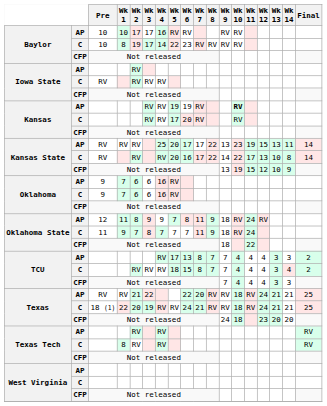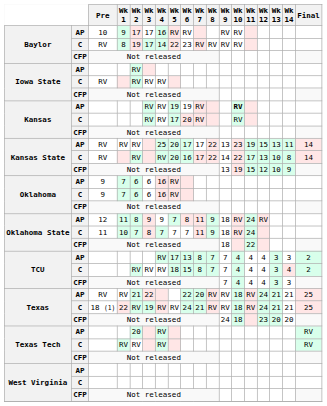 <table class="wikitable" style="white-space:nowrap;font-size:85%;">
 <tr>
 <th colspan=2 style="background:white; border-top-style:hidden; border-left-style:hidden;"> </th>
 <th>Pre</th>
 <th>Wk<br>1</th>
 <th>Wk<br>2</th>
 <th>Wk<br>3</th>
 <th>Wk<br>4</th>
 <th>Wk<br>5</th>
 <th>Wk<br>6</th>
 <th>Wk<br>7</th>
 <th>Wk<br>8</th>
 <th>Wk<br>9</th>
 <th>Wk<br>10</th>
 <th>Wk<br>11</th>
 <th>Wk<br>12</th>
 <th>Wk<br>13</th>
 <th>Wk<br>14</th>
 <th>Final</th>
 </tr>
 <tr style="text-align:center;">
 <th rowspan="3">Baylor</th>
 <th>AP</th>
 <td style="background:#FFF;">10</td>
-<td style="background:#d8ffeb;">10</td>
+<td style="background:#d8ffeb;">9</td>
 <td style="background:#ffe6e6;">17</td>
 <td style="background:#FFF;">17</td>
 <td style="background:#d8ffeb;">16</td>
 <td style="background:#ffe6e6;">RV</td>
 <td style="background:#FFF;">RV</td>
 <td style="background:#ffe6e6;"></td>
 <td style="background:#FFF;"></td>
 <td style="background:#FFF;">RV</td>
 <td style="background:#FFF;">RV</td>
 <td style="background:#ffe6e6;"></td>
 <td style="background:#FFF;"></td>
 <td style="background:#FFF;"></td>
 <td style="background:#FFF;"></td>
 <td style="background:#FFF;"></td>
 </tr>
 <tr style="text-align:center;">
 <th>C</th>
-<td style="background:#FFF;">10</td>
+<td style="background:#FFF;">RV</td>
 <td style="background:#d8ffeb;">8</td>
 <td style="background:#ffe6e6;">19</td>
 <td style="background:#d8ffeb;">17</td>
 <td style="background:#d8ffeb;">14</td>
 <td style="background:#ffe6e6;">22</td>
 <td style="background:#FFF;">23</td>
 <td style="background:#ffe6e6;">RV</td>
 <td style="background:#FFF;">RV</td>
 <td style="background:#FFF;">RV</td>
 <td style="background:#FFF;">RV</td>
 <td style="background:#ffe6e6;"></td>
 <td style="background:#FFF;"></td>
 <td style="background:#FFF;"></td>
 <td style="background:#FFF;"></td>
 <td style="background:#FFF;"></td>
 </tr>
 <tr style="text-align:center;">
 <th>CFP</th>
 <td colspan="9" style="text-align:center;">Not released</td>
 <td style="background:#FFF;"></td>
 <td style="background:#FFF;"></td>
 <td style="background:#FFF;"></td>
 <td style="background:#FFF;"></td>
 <td style="background:#FFF;"></td>
 <td style="background:#FFF;"></td>
 <td style="text-align:center;"></td>
 </tr>
 <tr style="text-align:center;">
 <th rowspan="3">Iowa State</th>
 <th>AP</th>
 <td style="background:#FFF;"></td>
 <td style="background:#FFF;"></td>
 <td style="background:#d8ffeb;">RV</td>
 <td style="background:#ffe6e6;"></td>
 <td style="background:#FFF;"></td>
 <td style="background:#FFF;"></td>
 <td style="background:#FFF;"></td>
 <td style="background:#FFF;"></td>
 <td style="background:#FFF;"></td>
 <td style="background:#FFF;"></td>
 <td style="background:#FFF;"></td>
 <td style="background:#FFF;"></td>
 <td style="background:#FFF;"></td>
 <td style="background:#FFF;"></td>
 <td style="background:#FFF;"></td>
 <td style="background:#FFF;"></td>
 </tr>
 <tr style="text-align:center;">
 <th>C</th>
 <td style="background:#FFF;">RV</td>
 <td style="background:#ffe6e6;"></td>
 <td style="background:#d8ffeb;">RV</td>
 <td style="background:#FFF;">RV</td>
 <td style="background:#FFF;">RV</td>
 <td style="background:#ffe6e6;"></td>
 <td style="background:#FFF;"></td>
 <td style="background:#FFF;"></td>
 <td style="background:#FFF;"></td>
 <td style="background:#FFF;"></td>
 <td style="background:#FFF;"></td>
 <td style="background:#FFF;"></td>
 <td style="background:#FFF;"></td>
 <td style="background:#FFF;"></td>
 <td style="background:#FFF;"></td>
 <td style="background:#FFF;"></td>
 </tr>
 <tr style="text-align:center;">
 <th>CFP</th>
 <td colspan="9" style="text-align:center;">Not released</td>
 <td style="background:#FFF;"></td>
 <td style="background:#FFF;"></td>
 <td style="background:#FFF;"></td>
 <td style="background:#FFF;"></td>
 <td style="background:#FFF;"></td>
 <td style="background:#FFF;"></td>
 <td style="text-align:center;"></td>
 </tr>
 <tr style="text-align:center;">
 <th rowspan="3">Kansas</th>
 <th>AP</th>
 <td style="background:#FFF;"></td>
 <td style="background:#FFF;"></td>
 <td style="background:#FFF;"></td>
 <td style="background:#d8ffeb;">RV</td>
 <td style="background:#FFF;">RV</td>
 <td style="background:#d8ffeb;">19</td>
 <td style="background:#FFF;">19</td>
 <td style="background:#ffe6e6;">RV</td>
 <td style="background:#ffe6e6;"></td>
 <td style="background:#FFF;"></td>
 <td style="background:#d8ffeb;"><strong>RV</strong></td>
 <td style="background:#ffe6e6;"></td>
 <td style="background:#FFF;"></td>
 <td style="background:#FFF;"></td>
 <td style="background:#FFF;"></td>
 <td style="background:#FFF;"></td>
 </tr>
 <tr style="text-align:center;">
 <th>C</th>
 <td style="background:#FFF;"></td>
 <td style="background:#FFF;"></td>
 <td style="background:#FFF;"></td>
 <td style="background:#d8ffeb;">RV</td>
 <td style="background:#FFF;">RV</td>
 <td style="background:#d8ffeb;">17</td>
 <td style="background:#ffe6e6;">20</td>
 <td style="background:#ffe6e6;">RV</td>
 <td style="background:#ffe6e6;"></td>
 <td style="background:#FFF;"></td>
 <td style="background:#d8ffeb;">RV</td>
 <td style="background:#ffe6e6;"></td>
 <td style="background:#FFF;"></td>
 <td style="background:#FFF;"></td>
 <td style="background:#FFF;"></td>
 <td style="background:#FFF;"></td>
 </tr>
 <tr style="text-align:center;">
 <th>CFP</th>
 <td colspan="9" style="text-align:center;">Not released</td>
 <td style="background:#FFF;"></td>
 <td style="background:#FFF;"></td>
 <td style="background:#FFF;"></td>
 <td style="background:#FFF;"></td>
 <td style="background:#FFF;"></td>
 <td style="background:#FFF;"></td>
 <td style="text-align:center;"></td>
 </tr>
 <tr style="text-align:center;">
 <th rowspan="3">Kansas State</th>
 <th>AP</th>
 <td style="background:#FFF;">RV</td>
 <td style="background:#FFF;">RV</td>
 <td style="background:#FFF;">RV</td>
 <td style="background:#ffe6e6;"></td>
 <td style="background:#d8ffeb;">25</td>
 <td style="background:#d8ffeb;">20</td>
 <td style="background:#d8ffeb;">17</td>
 <td style="background:#FFF;">17</td>
 <td style="background:#ffe6e6;">22</td>
 <td style="background:#FFF;">13</td>
 <td style="background:#ffe6e6;">23</td>
 <td style="background:#d8ffeb;">19</td>
 <td style="background:#d8ffeb;">15</td>
 <td style="background:#d8ffeb;">13</td>
 <td style="background:#d8ffeb;">11</td>
 <td style="background:#ffe6e6;">14</td>
 </tr>
 <tr style="text-align:center;">
 <th>C</th>
 <td style="background:#FFF;">RV</td>
 <td style="background:#ffe6e6;"></td>
 <td style="background:#d8ffeb;">RV</td>
 <td style="background:#ffe6e6;"></td>
 <td style="background:#d8ffeb;">RV</td>
 <td style="background:#d8ffeb;">20</td>
 <td style="background:#d8ffeb;">16</td>
 <td style="background:#ffe6e6;">17</td>
 <td style="background:#ffe6e6;">22</td>
 <td style="background:#FFF;">14</td>
 <td style="background:#ffe6e6;">22</td>
 <td style="background:#d8ffeb;">17</td>
 <td style="background:#d8ffeb;">13</td>
 <td style="background:#d8ffeb;">10</td>
 <td style="background:#d8ffeb;">8</td>
 <td style="background:#ffe6e6;">14</td>
 </tr>
 <tr style="text-align:center;">
 <th>CFP</th>
 <td colspan="9" style="text-align:center;">Not released</td>
 <td style="background:#FFF;">13</td>
 <td style="background:#ffe6e6;">19</td>
 <td style="background:#d8ffeb;">15</td>
 <td style="background:#d8ffeb;">12</td>
 <td style="background:#d8ffeb;">10</td>
 <td style="background:#d8ffeb;">9</td>
 <td style="text-align:center;"></td>
 </tr>
 <tr style="text-align:center;">
 <th rowspan="3">Oklahoma</th>
 <th>AP</th>
 <td style="background:#FFF;">9</td>
 <td style="background:#d8ffeb;">7</td>
 <td style="background:#d8ffeb;">6</td>
 <td style="background:#FFF;">6</td>
 <td style="background:#ffe6e6;">16</td>
 <td style="background:#ffe6e6;">RV</td>
 <td style="background:#ffe6e6;"></td>
 <td style="background:#FFF;"></td>
 <td style="background:#FFF;"></td>
 <td style="background:#FFF;"></td>
 <td style="background:#FFF;"></td>
 <td style="background:#FFF;"></td>
 <td style="background:#FFF;"></td>
 <td style="background:#FFF;"></td>
 <td style="background:#FFF;"></td>
 <td style="background:#FFF;"></td>
 </tr>
 <tr style="text-align:center;">
 <th>C</th>
 <td style="background:#FFF;">9</td>
 <td style="background:#d8ffeb;">7</td>
 <td style="background:#d8ffeb;">6</td>
 <td style="background:#FFF;">6</td>
 <td style="background:#ffe6e6;">16</td>
 <td style="background:#ffe6e6;">RV</td>
 <td style="background:#ffe6e6;"></td>
 <td style="background:#FFF;"></td>
 <td style="background:#FFF;"></td>
 <td style="background:#FFF;"></td>
 <td style="background:#FFF;"></td>
 <td style="background:#FFF;"></td>
 <td style="background:#FFF;"></td>
 <td style="background:#FFF;"></td>
 <td style="background:#FFF;"></td>
 <td style="background:#FFF;"></td>
 </tr>
 <tr style="text-align:center;">
 <th>CFP</th>
 <td colspan="9" style="text-align:center;">Not released</td>
 <td style="background:#FFF;"></td>
 <td style="background:#FFF;"></td>
 <td style="background:#FFF;"></td>
 <td style="background:#FFF;"></td>
 <td style="background:#FFF;"></td>
 <td style="background:#FFF;"></td>
 <td style="text-align:center;"></td>
 </tr>
 <tr style="text-align:center;">
 <th rowspan="3">Oklahoma State</th>
 <th>AP</th>
 <td style="background:#FFF;">12</td>
 <td style="background:#d8ffeb;">11</td>
 <td style="background:#d8ffeb;">8</td>
 <td style="background:#ffe6e6;">9</td>
 <td style="background:#FFF;">9</td>
 <td style="background:#d8ffeb;">7</td>
 <td style="background:#ffe6e6;">8</td>
 <td style="background:#ffe6e6;">11</td>
 <td style="background:#d8ffeb;">9</td>
 <td style="background:#FFF;">18</td>
 <td style="background:#ffe6e6;">RV</td>
 <td style="background:#d8ffeb;">24</td>
 <td style="background:#ffe6e6;">RV</td>
 <td style="background:#FFF;"></td>
 <td style="background:#FFF;"></td>
 <td style="background:#FFF;"></td>
 </tr>
 <tr style="text-align:center;">
 <th>C</th>
 <td style="background:#FFF;">11</td>
-<td style="background:#d8ffeb;">9</td>
+<td style="background:#d8ffeb;">10</td>
 <td style="background:#d8ffeb;">7</td>
 <td style="background:#ffe6e6;">8</td>
 <td style="background:#d8ffeb;">7</td>
 <td style="background:#FFF;">7</td>
 <td style="background:#FFF;">7</td>
 <td style="background:#ffe6e6;">11</td>
 <td style="background:#d8ffeb;">9</td>
 <td style="background:#FFF;">18</td>
 <td style="background:#ffe6e6;">RV</td>
 <td style="background:#d8ffeb;">24</td>
 <td style="background:#ffe6e6;"></td>
 <td style="background:#FFF;"></td>
 <td style="background:#FFF;"></td>
 <td style="background:#FFF;"></td>
 </tr>
 <tr style="text-align:center;">
 <th>CFP</th>
 <td colspan="9" style="text-align:center;">Not released</td>
 <td style="background:#FFF;">18</td>
 <td style="background:#ffe6e6;"></td>
 <td style="background:#d8ffeb;">22</td>
 <td style="background:#ffe6e6;"></td>
 <td style="background:#FFF;"></td>
 <td style="background:#FFF;"></td>
 <td style="text-align:center;"></td>
 </tr>
 <tr style="text-align:center;">
 <th rowspan="3">TCU</th>
 <th>AP</th>
 <td style="background:#FFF;"></td>
 <td style="background:#FFF;"></td>
 <td style="background:#FFF;"></td>
 <td style="background:#FFF;"></td>
 <td style="background:#d8ffeb;">RV</td>
 <td style="background:#d8ffeb;">17</td>
 <td style="background:#d8ffeb;">13</td>
 <td style="background:#d8ffeb;">8</td>
 <td style="background:#d8ffeb;">7</td>
 <td style="background:#FFF;">7</td>
 <td style="background:#d8ffeb;">4</td>
 <td style="background:#FFF;">4</td>
 <td style="background:#FFF;">4</td>
 <td style="background:#d8ffeb;">3</td>
 <td style="background:#FFF;">3</td>
 <td style="background:#d8ffeb;">2</td>
 </tr>
 <tr style="text-align:center;">
 <th>C</th>
 <td style="background:#FFF;"></td>
 <td style="background:#FFF;"></td>
 <td style="background:#d8ffeb;">RV</td>
 <td style="background:#FFF;">RV</td>
 <td style="background:#FFF;">RV</td>
 <td style="background:#d8ffeb;">18</td>
 <td style="background:#d8ffeb;">15</td>
 <td style="background:#d8ffeb;">8</td>
 <td style="background:#d8ffeb;">7</td>
 <td style="background:#FFF;">7</td>
 <td style="background:#d8ffeb;">4</td>
 <td style="background:#FFF;">4</td>
 <td style="background:#FFF;">4</td>
 <td style="background:#d8ffeb;">3</td>
 <td style="background:#ffe6e6;">4</td>
 <td style="background:#d8ffeb;">2</td>
 </tr>
 <tr style="text-align:center;">
 <th>CFP</th>
 <td colspan="9" style="text-align:center;">Not released</td>
 <td style="background:#FFF;">7</td>
 <td style="background:#d8ffeb;">4</td>
 <td style="background:#FFF;">4</td>
 <td style="background:#FFF;">4</td>
 <td style="background:#d8ffeb;">3</td>
 <td style="background:#FFF;">3</td>
 <td style="text-align:center;"></td>
 </tr>
 <tr style="text-align:center;">
 <th rowspan="3">Texas</th>
 <th>AP</th>
 <td style="background:#FFF;">RV</td>
 <td style="background:#FFF;">RV</td>
 <td style="background:#d8ffeb;">21</td>
 <td style="background:#ffe6e6;">22</td>
 <td style="background:#ffe6e6;"></td>
 <td style="background:#FFF;"></td>
 <td style="background:#d8ffeb;">22</td>
 <td style="background:#d8ffeb;">20</td>
 <td style="background:#ffe6e6;">RV</td>
 <td style="background:#FFF;">RV</td>
 <td style="background:#d8ffeb;">18</td>
 <td style="background:#ffe6e6;">RV</td>
 <td style="background:#d8ffeb;">24</td>
 <td style="background:#d8ffeb;">21</td>
 <td style="background:#FFF;">21</td>
 <td style="background:#ffe6e6;">25</td>
 </tr>
 <tr style="text-align:center;">
 <th>C</th>
 <td style="background:#FFF;">18 <small>(1)</small></td>
 <td style="background:#ffe6e6;">22</td>
-<td style="background:#d8ffeb;">20</td>
+<td style="background:#d8ffeb;">RV</td>
 <td style="background:#d8ffeb;">19</td>
 <td style="background:#ffe6e6;">RV</td>
 <td style="background:#FFF;">RV</td>
 <td style="background:#d8ffeb;">24</td>
 <td style="background:#d8ffeb;">21</td>
 <td style="background:#ffe6e6;">RV</td>
 <td style="background:#FFF;">RV</td>
 <td style="background:#d8ffeb;">18</td>
 <td style="background:#ffe6e6;">RV</td>
 <td style="background:#d8ffeb;">24</td>
 <td style="background:#d8ffeb;">21</td>
 <td style="background:#FFF;">21</td>
 <td style="background:#ffe6e6;">25</td>
 </tr>
 <tr style="text-align:center;">
 <th>CFP</th>
 <td colspan="9" style="text-align:center;">Not released</td>
 <td style="background:#FFF;">24</td>
 <td style="background:#d8ffeb;">18</td>
 <td style="background:#ffe6e6;"></td>
 <td style="background:#d8ffeb;">23</td>
 <td style="background:#d8ffeb;">20</td>
 <td style="background:#FFF;">20</td>
 <td style="text-align:center;"></td>
 </tr>
 <tr style="text-align:center;">
 <th rowspan="3">Texas Tech</th>
 <th>AP</th>
 <td style="background:#FFF;"></td>
 <td style="background:#FFF;"></td>
-<td style="background:#d8ffeb;">RV</td>
+<td style="background:#d8ffeb;">20</td>
 <td style="background:#ffe6e6;"></td>
 <td style="background:#d8ffeb;">RV</td>
 <td style="background:#ffe6e6;"></td>
 <td style="background:#FFF;"></td>
 <td style="background:#FFF;"></td>
 <td style="background:#FFF;"></td>
 <td style="background:#FFF;"></td>
 <td style="background:#FFF;"></td>
 <td style="background:#FFF;"></td>
 <td style="background:#FFF;"></td>
 <td style="background:#FFF;"></td>
 <td style="background:#FFF;"></td>
 <td style="background:#d8ffeb;">RV</td>
 </tr>
 <tr style="text-align:center;">
 <th>C</th>
 <td style="background:#FFF;"></td>
-<td style="background:#d8ffeb;">8</td>
+<td style="background:#d8ffeb;">RV</td>
 <td style="background:#FFF;">RV</td>
 <td style="background:#ffe6e6;"></td>
 <td style="background:#d8ffeb;">RV</td>
 <td style="background:#ffe6e6;"></td>
 <td style="background:#FFF;"></td>
 <td style="background:#FFF;"></td>
 <td style="background:#FFF;"></td>
 <td style="background:#FFF;"></td>
 <td style="background:#FFF;"></td>
 <td style="background:#FFF;"></td>
 <td style="background:#FFF;"></td>
 <td style="background:#FFF;"></td>
 <td style="background:#FFF;"></td>
 <td style="background:#d8ffeb;">RV</td>
 </tr>
 <tr style="text-align:center;">
 <th>CFP</th>
 <td colspan="9" style="text-align:center;">Not released</td>
 <td style="background:#FFF;"></td>
 <td style="background:#FFF;"></td>
 <td style="background:#FFF;"></td>
 <td style="background:#FFF;"></td>
 <td style="background:#FFF;"></td>
 <td style="background:#FFF;"></td>
 <td style="text-align:center;"></td>
 </tr>
 <tr style="text-align:center;">
 <th rowspan="3">West Virginia</th>
 <th>AP</th>
 <td style="background:#FFF;"></td>
 <td style="background:#FFF;"></td>
 <td style="background:#FFF;"></td>
 <td style="background:#FFF;"></td>
 <td style="background:#FFF;"></td>
 <td style="background:#FFF;"></td>
 <td style="background:#FFF;"></td>
 <td style="background:#FFF;"></td>
 <td style="background:#FFF;"></td>
 <td style="background:#FFF;"></td>
 <td style="background:#FFF;"></td>
 <td style="background:#FFF;"></td>
 <td style="background:#FFF;"></td>
 <td style="background:#FFF;"></td>
 <td style="background:#FFF;"></td>
 <td style="background:#FFF;"></td>
 </tr>
 <tr style="text-align:center;">
 <th>C</th>
 <td style="background:#FFF;"></td>
 <td style="background:#FFF;"></td>
 <td style="background:#FFF;"></td>
 <td style="background:#FFF;"></td>
 <td style="background:#FFF;"></td>
 <td style="background:#FFF;"></td>
 <td style="background:#FFF;"></td>
 <td style="background:#FFF;"></td>
 <td style="background:#FFF;"></td>
 <td style="background:#FFF;"></td>
 <td style="background:#FFF;"></td>
 <td style="background:#FFF;"></td>
 <td style="background:#FFF;"></td>
 <td style="background:#FFF;"></td>
 <td style="background:#FFF;"></td>
 <td style="background:#FFF;"></td>
 </tr>
 <tr style="text-align:center;">
 <th>CFP</th>
 <td colspan="9" style="text-align:center;">Not released</td>
 <td style="background:#FFF;"></td>
 <td style="background:#FFF;"></td>
 <td style="background:#FFF;"></td>
 <td style="background:#FFF;"></td>
 <td style="background:#FFF;"></td>
 <td style="background:#FFF;"></td>
 <td style="text-align:center;"></td>
 </tr>
 <tr style="text-align:center;">
 </tr>
 </table>
